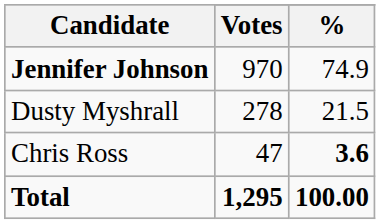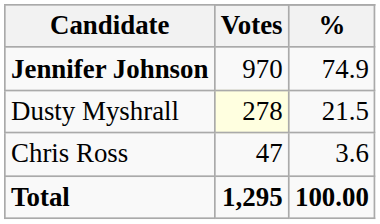 <table class="wikitable">
 <tr>
 <th rowspan=2>Candidate</th>
 </tr>
 <tr>
 <th>Votes</th>
 <th>%</th>
 </tr>
 <tr>
 <td><strong>Jennifer Johnson</strong></td>
 <td style="text-align:right">970</td>
 <td style="text-align:right">74.9</td>
 </tr>
 <tr>
 <td>Dusty Myshrall</td>
-<td style="text-align:right">278</td>
+<td style="background: lightyellow; text-align:right">278</td>
 <td style="text-align:right">21.5</td>
 </tr>
 <tr>
 <td>Chris Ross</td>
 <td style="text-align:right">47</td>
-<td style="text-align:right"><strong>3.6</strong></td>
+<td style="text-align:right">3.6</td>
 </tr>
 <tr>
 <td><strong>Total</strong></td>
 <td style="text-align:right"><strong>1,295</strong></td>
 <td style="text-align:right"><strong>100.00</strong></td>
 </tr>
 </table>
